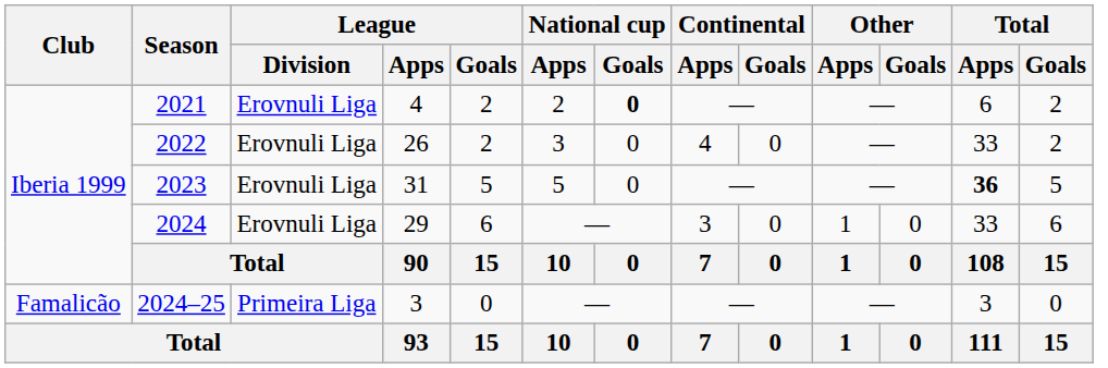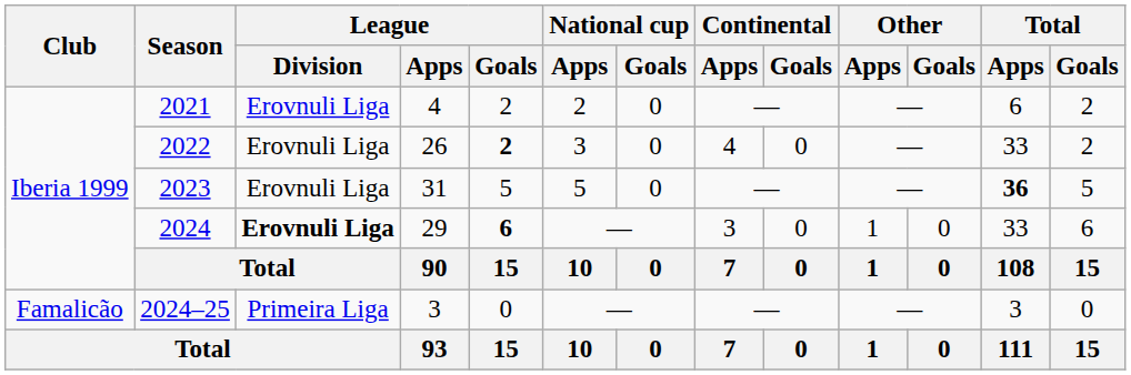 <table class="wikitable" style="text-align:center">
 <tr>
 <th rowspan="2">Club</th>
 <th rowspan="2">Season</th>
 <th colspan="3">League</th>
 <th colspan="2">National cup</th>
 <th colspan="2">Continental</th>
 <th colspan="2">Other</th>
 <th colspan="2">Total</th>
 </tr>
 <tr>
 <th>Division</th>
 <th>Apps</th>
 <th>Goals</th>
 <th>Apps</th>
 <th>Goals</th>
 <th>Apps</th>
 <th>Goals</th>
 <th>Apps</th>
 <th>Goals</th>
 <th>Apps</th>
 <th>Goals</th>
 </tr>
 <tr>
 <td rowspan="5"><a href='#'>Iberia 1999</a></td>
 <td><a href='#'>2021</a></td>
 <td><a href='#'>Erovnuli Liga</a></td>
 <td>4</td>
 <td>2</td>
 <td>2</td>
-<td><strong>0</strong></td>
+<td>0</td>
 <td colspan="2">—</td>
 <td colspan="2">—</td>
 <td>6</td>
 <td>2</td>
 </tr>
 <tr>
 <td><a href='#'>2022</a></td>
 <td>Erovnuli Liga</td>
 <td>26</td>
-<td>2</td>
+<td><strong>2</strong></td>
 <td>3</td>
 <td>0</td>
 <td>4</td>
 <td>0</td>
 <td colspan="2">—</td>
 <td>33</td>
 <td>2</td>
 </tr>
 <tr>
 <td><a href='#'>2023</a></td>
 <td>Erovnuli Liga</td>
 <td>31</td>
 <td>5</td>
 <td>5</td>
 <td>0</td>
 <td colspan="2">—</td>
 <td colspan="2">—</td>
 <td><strong>36</strong></td>
 <td>5</td>
 </tr>
 <tr>
 <td><a href='#'>2024</a></td>
-<td>Erovnuli Liga</td>
+<td><strong>Erovnuli Liga</strong></td>
 <td>29</td>
-<td>6</td>
+<td><strong>6</strong></td>
 <td colspan="2">—</td>
 <td>3</td>
 <td>0</td>
 <td>1</td>
 <td>0</td>
 <td>33</td>
 <td>6</td>
 </tr>
 <tr>
 <th colspan="2">Total</th>
 <th>90</th>
 <th>15</th>
 <th>10</th>
 <th>0</th>
 <th>7</th>
 <th>0</th>
 <th>1</th>
 <th>0</th>
 <th>108</th>
 <th>15</th>
 </tr>
 <tr>
 <td><a href='#'>Famalicão</a></td>
 <td><a href='#'>2024–25</a></td>
 <td><a href='#'>Primeira Liga</a></td>
 <td>3</td>
 <td>0</td>
 <td colspan="2">—</td>
 <td colspan="2">—</td>
 <td colspan="2">—</td>
 <td>3</td>
 <td>0</td>
 </tr>
 <tr>
 <th colspan="3">Total</th>
 <th>93</th>
 <th>15</th>
 <th>10</th>
 <th>0</th>
 <th>7</th>
 <th>0</th>
 <th>1</th>
 <th>0</th>
 <th>111</th>
 <th>15</th>
 </tr>
 </table>
